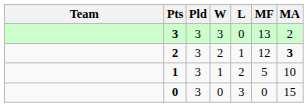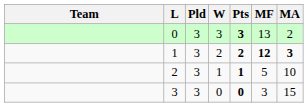 <table class=wikitable style="text-align:center">
 <tr>
 <th width=200>Team</th>
-<th width=20>Pts</th>
+<th width=20>L</th>
 <th width=20>Pld</th>
 <th width=20>W</th>
-<th width=20>L</th>
+<th width=20>Pts</th>
 <th width=20>MF</th>
 <th width=20>MA</th>
 </tr>
 <tr bgcolor=ccffcc>
 <td style="text-align:left"><strong></strong></td>
-<td><strong>3</strong></td>
+<td>0</td>
 <td>3</td>
 <td>3</td>
-<td>0</td>
+<td><strong>3</strong></td>
 <td>13</td>
 <td>2</td>
 </tr>
 <tr>
 <td style="text-align:left"></td>
-<td><strong>2</strong></td>
+<td>1</td>
 <td>3</td>
 <td>2</td>
-<td>1</td>
-<td>12</td>
+<td><strong>2</strong></td>
+<td><strong>12</strong></td>
 <td><strong>3</strong></td>
 </tr>
 <tr>
 <td style="text-align:left"></td>
-<td><strong>1</strong></td>
+<td>2</td>
 <td>3</td>
 <td>1</td>
-<td>2</td>
+<td><strong>1</strong></td>
 <td>5</td>
 <td>10</td>
 </tr>
 <tr>
 <td style="text-align:left"></td>
+<td>3</td>
+<td>3</td>
+<td>0</td>
 <td><strong>0</strong></td>
 <td>3</td>
-<td>0</td>
-<td>3</td>
-<td>0</td>
 <td>15</td>
 </tr>
 </table>
